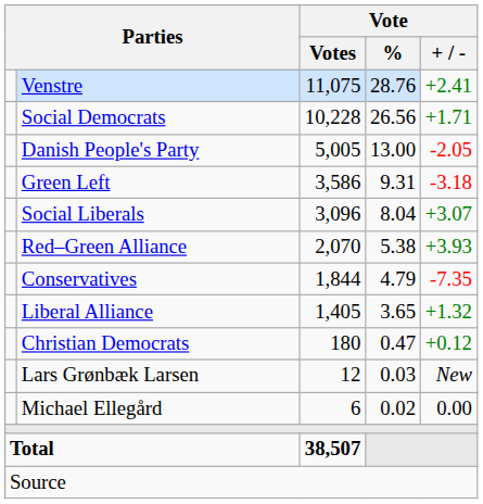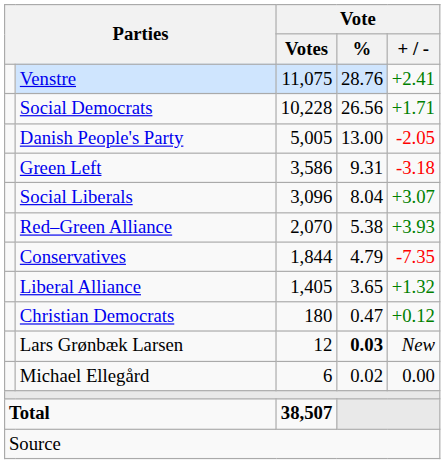 <table class="wikitable" style="text-align:right;">
 <tr>
 <th style="text-align:centre;" rowspan="2" colspan="2" width="225">Parties</th>
 <th colspan="3">Vote</th>
 </tr>
 <tr>
 <th width="15">Votes</th>
 <th width="15">%</th>
 <th width="15">+ / -</th>
 </tr>
 <tr>
 <td width="2" style="color:inherit;background:"></td>
 <td bgcolor=#cfe5fe  align="left"><a href='#'>Venstre</a></td>
 <td bgcolor=#cfe5fe>11,075</td>
 <td bgcolor=#cfe5fe>28.76</td>
 <td style=color:green;>+2.41</td>
 </tr>
 <tr>
 <td width="2" style="color:inherit;background:"></td>
 <td align="left"><a href='#'>Social Democrats</a></td>
 <td>10,228</td>
 <td>26.56</td>
 <td style=color:green;>+1.71</td>
 </tr>
 <tr>
 <td width="2" style="color:inherit;background:"></td>
 <td align="left"><a href='#'>Danish People's Party</a></td>
 <td>5,005</td>
 <td>13.00</td>
 <td style=color:red;>-2.05</td>
 </tr>
 <tr>
 <td width="2" style="color:inherit;background:"></td>
 <td align="left"><a href='#'>Green Left</a></td>
 <td>3,586</td>
 <td>9.31</td>
 <td style=color:red;>-3.18</td>
 </tr>
 <tr>
 <td width="2" style="color:inherit;background:"></td>
 <td align="left"><a href='#'>Social Liberals</a></td>
 <td>3,096</td>
 <td>8.04</td>
 <td style=color:green;>+3.07</td>
 </tr>
 <tr>
 <td width="2" style="color:inherit;background:"></td>
 <td align="left"><a href='#'>Red–Green Alliance</a></td>
 <td>2,070</td>
 <td>5.38</td>
 <td style=color:green;>+3.93</td>
 </tr>
 <tr>
 <td width="2" style="color:inherit;background:"></td>
 <td align="left"><a href='#'>Conservatives</a></td>
 <td>1,844</td>
 <td>4.79</td>
 <td style=color:red;>-7.35</td>
 </tr>
 <tr>
 <td width="2" style="color:inherit;background:"></td>
 <td align="left"><a href='#'>Liberal Alliance</a></td>
 <td>1,405</td>
 <td>3.65</td>
 <td style=color:green;>+1.32</td>
 </tr>
 <tr>
 <td width="2" style="color:inherit;background:"></td>
 <td align="left"><a href='#'>Christian Democrats</a></td>
 <td>180</td>
 <td>0.47</td>
 <td style=color:green;>+0.12</td>
 </tr>
 <tr>
 <td width="2" style="color:inherit;background:"></td>
 <td align="left">Lars Grønbæk Larsen</td>
 <td>12</td>
-<td>0.03</td>
+<td><strong>0.03</strong></td>
 <td><em>New</em></td>
 </tr>
 <tr>
 <td width="2" style="color:inherit;background:"></td>
 <td align="left">Michael Ellegård</td>
 <td>6</td>
 <td>0.02</td>
 <td>0.00</td>
 </tr>
 <tr>
 <td colspan="7" bgcolor="#E9E9E9"></td>
 </tr>
 <tr>
 <td align="left" colspan="2"><strong>Total</strong></td>
 <td><strong>38,507</strong></td>
 <td bgcolor="#E9E9E9" colspan="2"></td>
 </tr>
 <tr>
 <td align="left" colspan="6">Source</td>
 </tr>
 </table>
